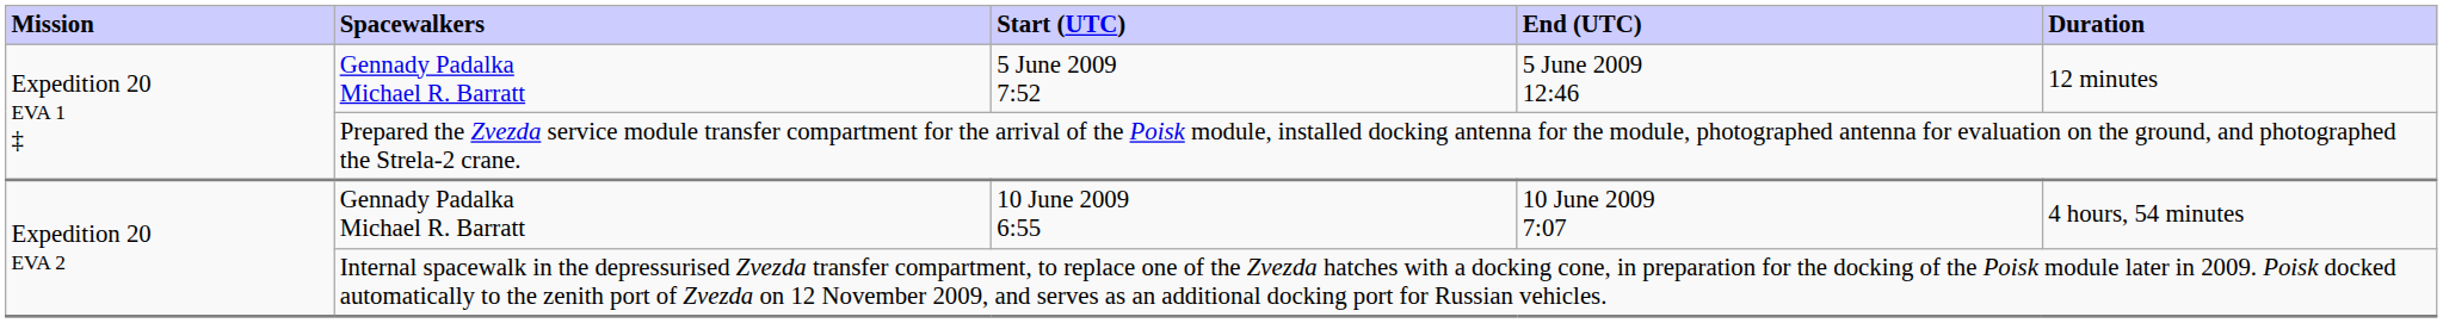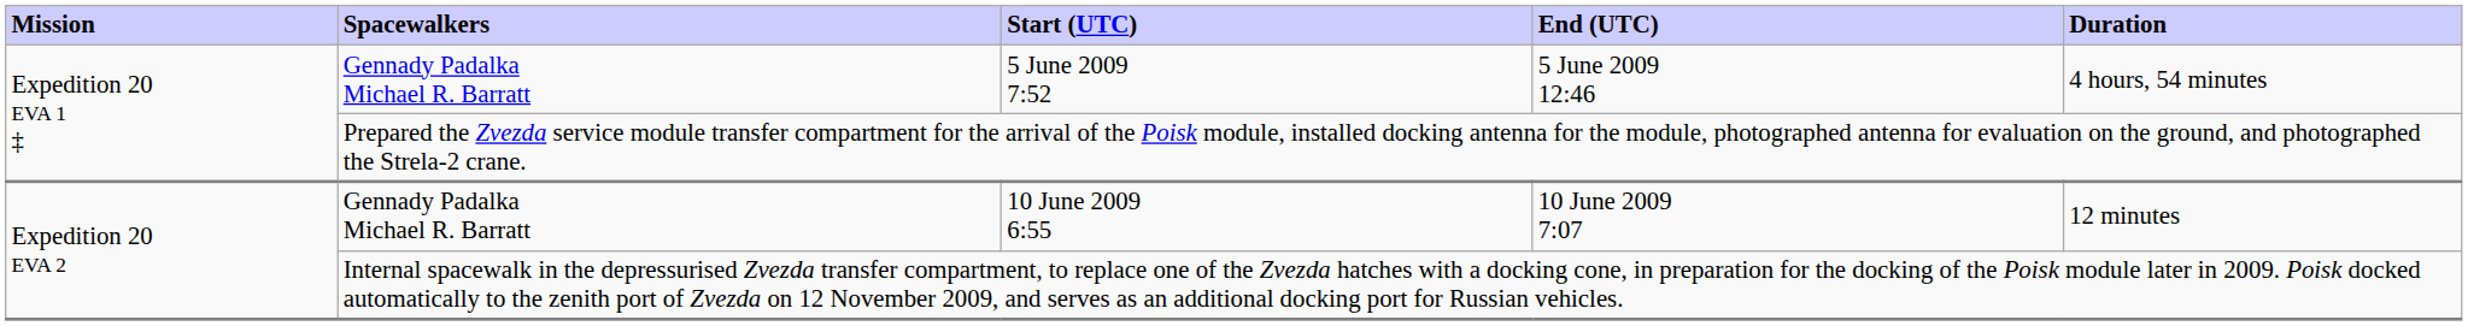 <table class="wikitable">
 <tr>
 <th width="10%" style="background:#ccccff;color:black;text-align:left"><strong>Mission</strong></th>
 <th width="20%" style="background:#ccccff;color:black;text-align:left"><strong>Spacewalkers</strong></th>
 <th width="16%" style="background:#ccccff;color:black;text-align:left"><strong>Start (<a href='#'>UTC</a>)</strong></th>
 <th width="16%" style="background:#ccccff;color:black;text-align:left"><strong>End (UTC)</strong></th>
 <th width="12%" style="background:#ccccff;color:black;text-align:left"><strong>Duration</strong></th>
 </tr>
 <tr>
 <td rowspan=2 style="border-bottom:2px solid grey;">Expedition 20<br><small>EVA 1</small><br>‡</td>
 <td><a href='#'>Gennady Padalka</a><br><a href='#'>Michael R. Barratt</a></td>
 <td>5 June 2009<br>7:52</td>
 <td>5 June 2009<br>12:46</td>
-<td>12 minutes</td>
+<td>4 hours, 54 minutes</td>
 </tr>
 <tr>
 <td colspan=4 style="border-bottom:2px solid grey;">Prepared the <a href='#'><em>Zvezda</em></a> service module transfer compartment for the arrival of the <a href='#'><em>Poisk</em></a> module, installed docking antenna for the module, photographed antenna for evaluation on the ground, and photographed the Strela-2 crane.</td>
 </tr>
 <tr>
 <td rowspan=2 style="border-bottom:2px solid grey;">Expedition 20<br><small>EVA 2</small><br></td>
 <td>Gennady Padalka<br>Michael R. Barratt</td>
 <td>10 June 2009<br>6:55</td>
 <td>10 June 2009<br>7:07</td>
-<td>4 hours, 54 minutes</td>
+<td>12 minutes</td>
 </tr>
 <tr>
 <td colspan=4 style="border-bottom:2px solid grey;">Internal spacewalk in the depressurised <em>Zvezda</em> transfer compartment, to replace one of the <em>Zvezda</em> hatches with a docking cone, in preparation for the docking of the <em>Poisk</em> module later in 2009. <em>Poisk</em> docked automatically to the zenith port of <em>Zvezda</em> on 12 November 2009, and serves as an additional docking port for Russian vehicles.</td>
 </tr>
 </table>
